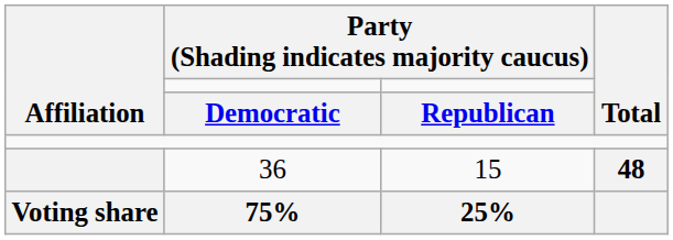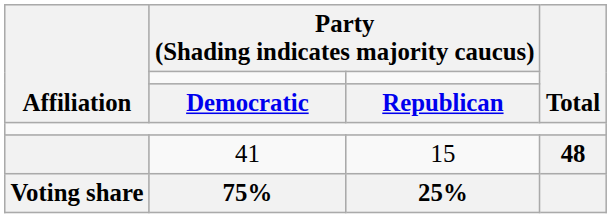 <table class=wikitable style="text-align:center">
 <tr style="vertical-align:bottom;">
 <th rowspan=3>Affiliation</th>
 <th colspan=2>Party <div>(Shading indicates majority caucus)</div></th>
 <th rowspan=3>Total</th>
 </tr>
 <tr style="height:5px">
 <td style="background-color:"></td>
 <td style="background-color:"></td>
 </tr>
 <tr>
 <th><a href='#'>Democratic</a></th>
 <th><a href='#'>Republican</a></th>
 </tr>
 <tr>
 <td colspan=5></td>
 </tr>
 <tr>
 <th nowrap style="font-size:80%"></th>
-<td>36</td>
+<td>41</td>
 <td>15</td>
 <th>48</th>
 </tr>
 <tr>
 <th>Voting share</th>
 <th>75%</th>
 <th>25%</th>
 <th colspan=2></th>
 </tr>
 </table>
